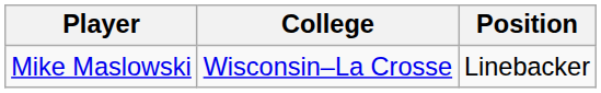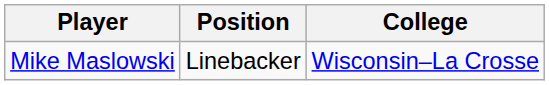 <table class="wikitable" style="text-align:center;">
 <tr>
 <th>Player</th>
+<th>Position</th>
 <th>College</th>
-<th>Position</th>
 </tr>
 <tr>
 <td><a href='#'>Mike Maslowski</a></td>
+<td>Linebacker</td>
 <td><a href='#'>Wisconsin–La Crosse</a></td>
-<td>Linebacker</td>
 </tr>
 </table>
